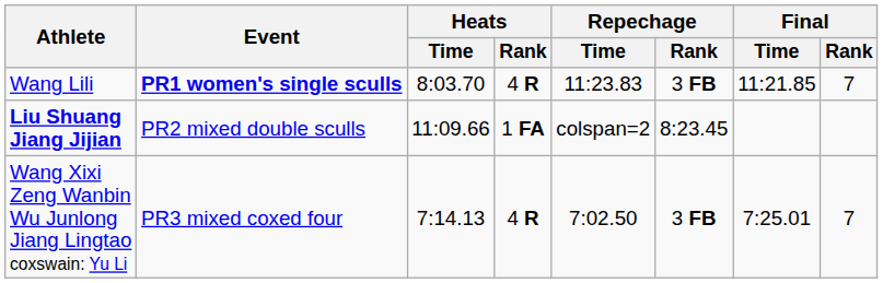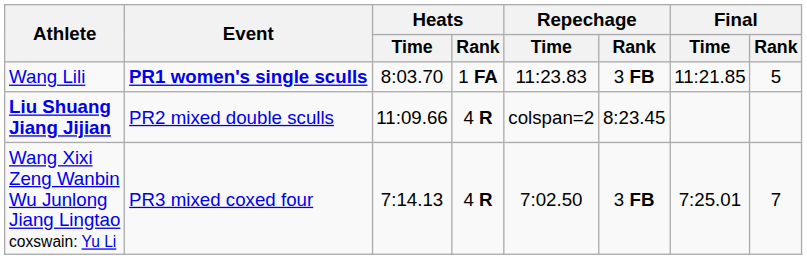 <table class="wikitable" style="font-size:90%">
 <tr>
 <th rowspan=2>Athlete</th>
 <th rowspan=2>Event</th>
 <th colspan=2>Heats</th>
 <th colspan=2>Repechage</th>
 <th colspan=2>Final</th>
 </tr>
 <tr style="font-size:95%">
 <th>Time</th>
 <th>Rank</th>
 <th>Time</th>
 <th>Rank</th>
 <th>Time</th>
 <th>Rank</th>
 </tr>
 <tr align=center>
 <td align=left><a href='#'>Wang Lili</a></td>
 <td align=left><strong><a href='#'>PR1 women's single sculls</a></strong></td>
 <td>8:03.70</td>
-<td>4 <strong>R</strong></td>
+<td>1 <strong>FA</strong></td>
 <td>11:23.83</td>
 <td>3 <strong>FB</strong></td>
 <td>11:21.85</td>
-<td>7</td>
+<td>5</td>
 </tr>
 <tr align=center>
 <td align=left><strong><a href='#'>Liu Shuang</a></strong><br><strong><a href='#'>Jiang Jijian</a></strong></td>
 <td align=left><a href='#'>PR2 mixed double sculls</a></td>
 <td>11:09.66</td>
-<td>1 <strong>FA</strong></td>
+<td>4 <strong>R</strong></td>
 <td>colspan=2 </td>
 <td>8:23.45</td>
 <td></td>
 </tr>
 <tr align=center>
 <td align=left><a href='#'>Wang Xixi</a><br><a href='#'>Zeng Wanbin</a><br><a href='#'>Wu Junlong</a><br><a href='#'>Jiang Lingtao</a><br><small>coxswain: <a href='#'>Yu Li</a></small></td>
 <td align=left><a href='#'>PR3 mixed coxed four</a></td>
 <td>7:14.13</td>
 <td>4 <strong>R</strong></td>
 <td>7:02.50</td>
 <td>3 <strong>FB</strong></td>
 <td>7:25.01</td>
 <td>7</td>
 </tr>
 </table>
